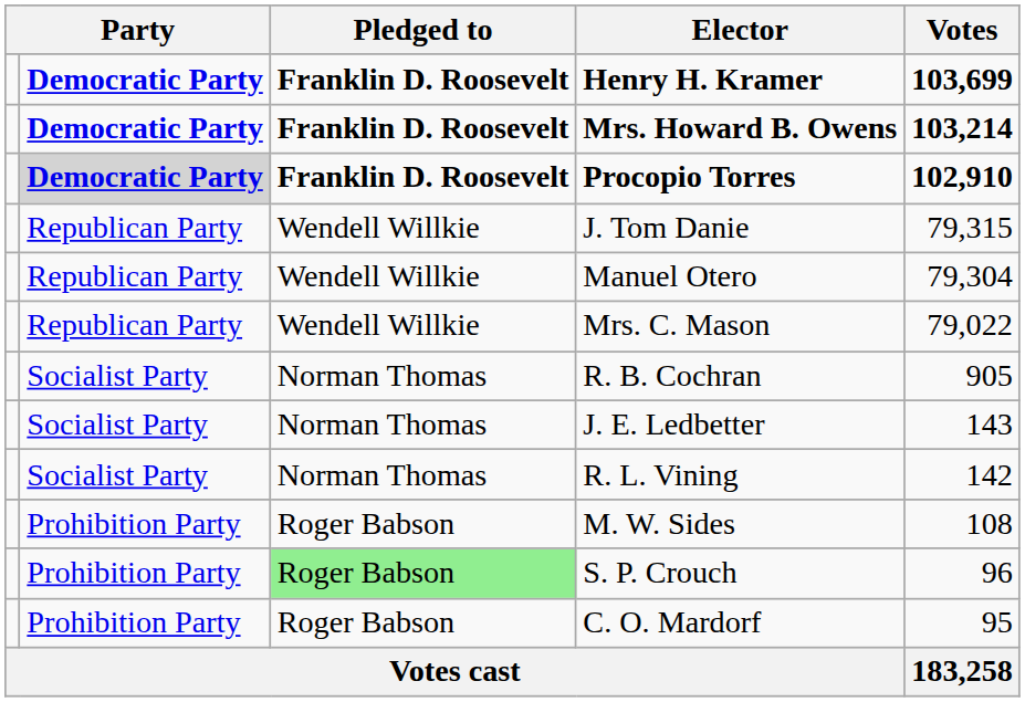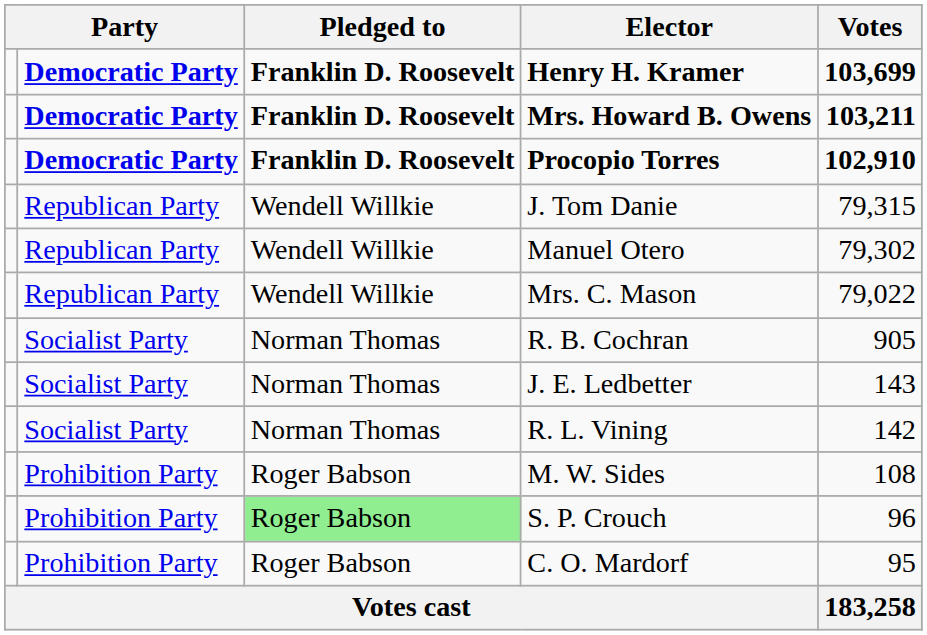 <table class="wikitable">
 <tr>
 <th colspan=2>Party</th>
 <th>Pledged to</th>
 <th>Elector</th>
 <th>Votes</th>
 </tr>
 <tr style="font-weight:bold">
 <td bgcolor=></td>
 <td><a href='#'>Democratic Party</a></td>
 <td>Franklin D. Roosevelt</td>
 <td>Henry H. Kramer</td>
 <td align=right>103,699</td>
 </tr>
 <tr style="font-weight:bold">
 <td bgcolor=></td>
 <td><a href='#'>Democratic Party</a></td>
 <td>Franklin D. Roosevelt</td>
 <td>Mrs. Howard B. Owens</td>
-<td align=right>103,214</td>
+<td align=right>103,211</td>
 </tr>
 <tr style="font-weight:bold">
 <td bgcolor=></td>
-<td style="background: lightgrey;"><a href='#'>Democratic Party</a></td>
+<td><a href='#'>Democratic Party</a></td>
 <td>Franklin D. Roosevelt</td>
 <td>Procopio Torres</td>
 <td align=right>102,910</td>
 </tr>
 <tr>
 <td></td>
 <td><a href='#'>Republican Party</a></td>
 <td>Wendell Willkie</td>
 <td>J. Tom Danie</td>
 <td align="right">79,315</td>
 </tr>
 <tr>
 <td></td>
 <td><a href='#'>Republican Party</a></td>
 <td>Wendell Willkie</td>
 <td>Manuel Otero</td>
-<td align="right">79,304</td>
+<td align="right">79,302</td>
 </tr>
 <tr>
 <td></td>
 <td><a href='#'>Republican Party</a></td>
 <td>Wendell Willkie</td>
 <td>Mrs. C. Mason</td>
 <td align="right">79,022</td>
 </tr>
 <tr>
 <td bgcolor=></td>
 <td><a href='#'>Socialist Party</a></td>
 <td>Norman Thomas</td>
 <td>R. B. Cochran</td>
 <td align="right">905</td>
 </tr>
 <tr>
 <td bgcolor=></td>
 <td><a href='#'>Socialist Party</a></td>
 <td>Norman Thomas</td>
 <td>J. E. Ledbetter</td>
 <td align="right">143</td>
 </tr>
 <tr>
 <td bgcolor=></td>
 <td><a href='#'>Socialist Party</a></td>
 <td>Norman Thomas</td>
 <td>R. L. Vining</td>
 <td align="right">142</td>
 </tr>
 <tr>
 <td bgcolor=></td>
 <td><a href='#'>Prohibition Party</a></td>
 <td>Roger Babson</td>
 <td>M. W. Sides</td>
 <td align="right">108</td>
 </tr>
 <tr>
 <td bgcolor=></td>
 <td><a href='#'>Prohibition Party</a></td>
 <td style="background: lightgreen;">Roger Babson</td>
 <td>S. P. Crouch</td>
 <td align="right">96</td>
 </tr>
 <tr>
 <td bgcolor=></td>
 <td><a href='#'>Prohibition Party</a></td>
 <td>Roger Babson</td>
 <td>C. O. Mardorf</td>
 <td align="right">95</td>
 </tr>
 <tr>
 <th colspan="4">Votes cast</th>
 <th>183,258</th>
 </tr>
 </table>
